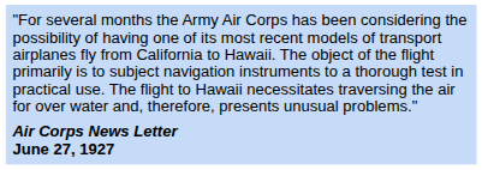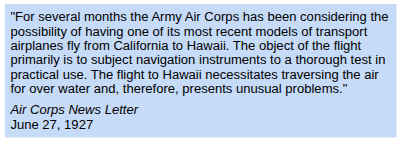 <table class="toccolours" style="float: right; margin-left: 1em; margin-right: 2em; font-size: 85%; background:#c6dbf7; color:black; width:30em; max-width: 40%;" cellspacing="5">
 <tr>
 <td style="text-align: left;">"For several months the Army Air Corps has been considering the possibility of having one of its most recent models of transport airplanes fly from California to Hawaii. The object of the flight primarily is to subject navigation instruments to a thorough test in practical use. The flight to Hawaii necessitates traversing the air for  over water and, therefore, presents unusual problems."</td>
 </tr>
 <tr>
-<td style="text-align: left;"><strong><em>Air Corps News Letter</em><br>June 27, 1927</strong></td>
+<td style="text-align: left;"><em>Air Corps News Letter</em><br>June 27, 1927</td>
 </tr>
 </table>
